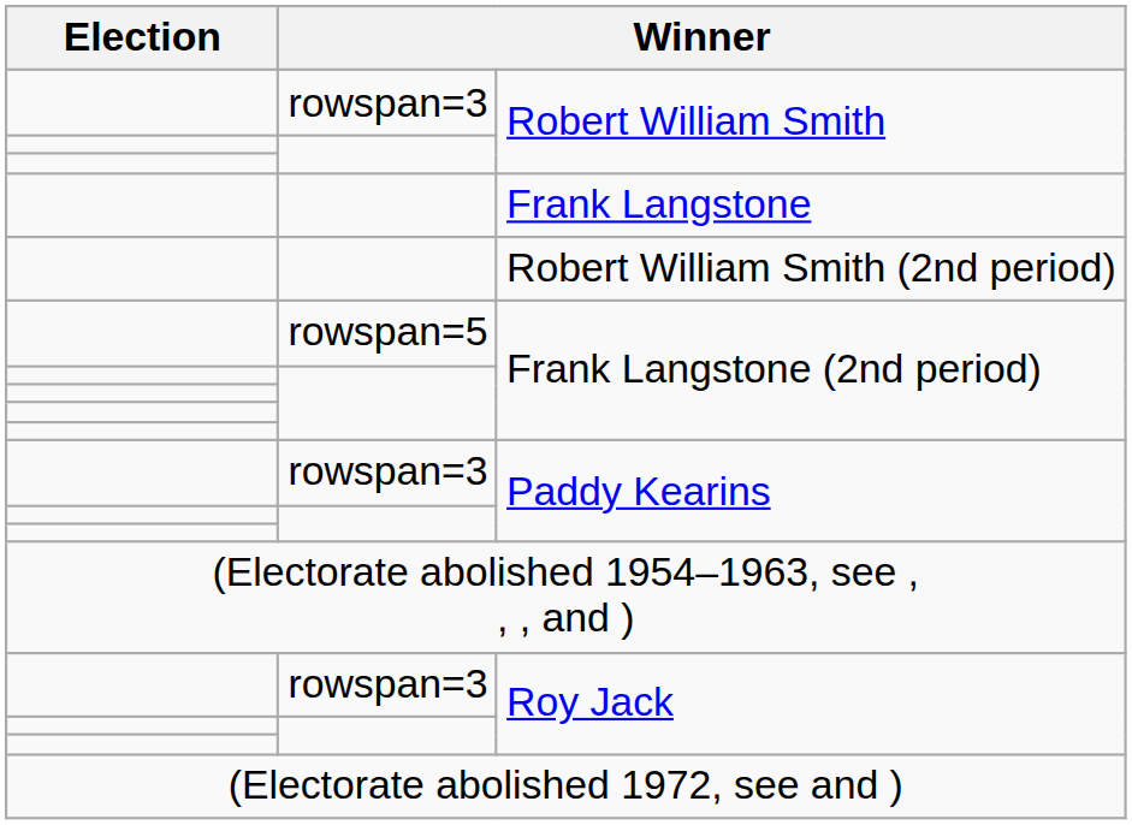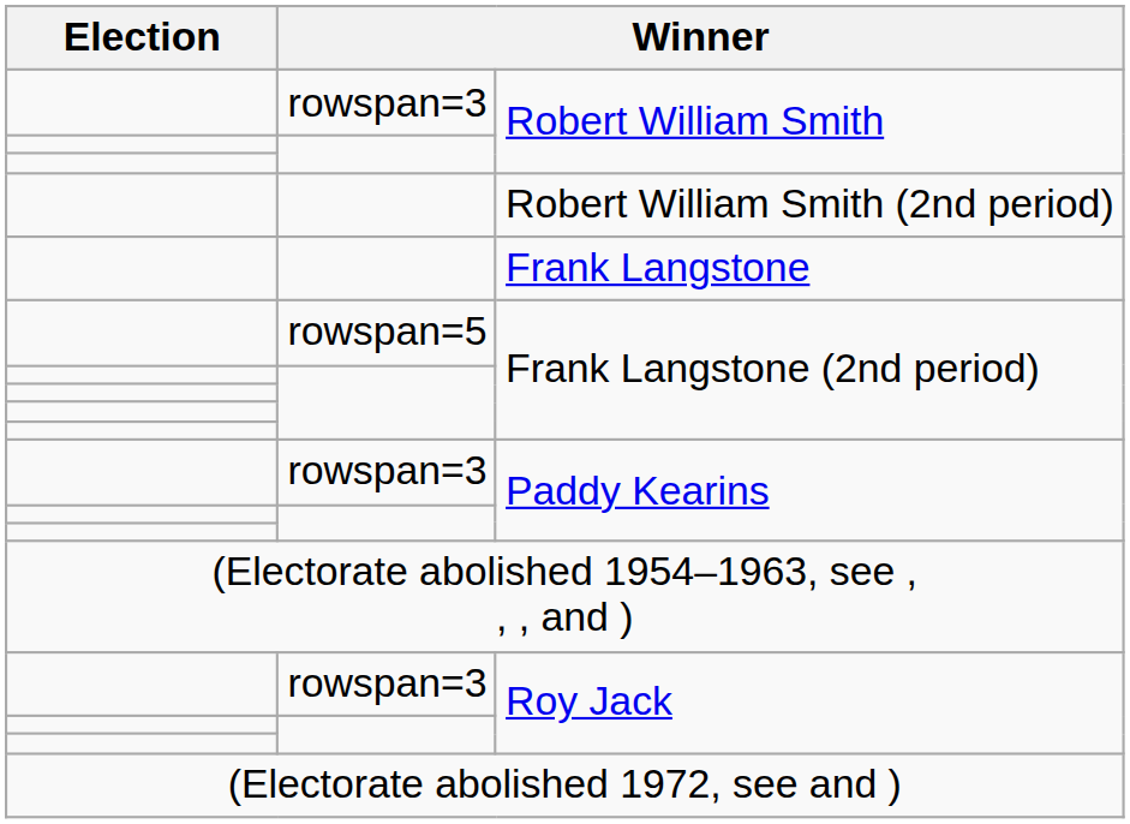 <table class=wikitable>
 <tr>
 <th width=100>Election</th>
 <th width=220 colspan=2>Winner</th>
 </tr>
 <tr>
 <td></td>
 <td>rowspan=3 </td>
 <td rowspan=3><a href='#'>Robert William Smith</a></td>
 </tr>
 <tr>
 <td></td>
 </tr>
 <tr>
 <td></td>
 </tr>
 <tr>
 <td></td>
 <td></td>
-<td><a href='#'>Frank Langstone</a></td>
+<td>Robert William Smith (2nd period)</td>
 </tr>
 <tr>
 <td></td>
 <td></td>
-<td>Robert William Smith (2nd period)</td>
+<td><a href='#'>Frank Langstone</a></td>
 </tr>
 <tr>
 <td></td>
 <td>rowspan=5 </td>
 <td rowspan=5>Frank Langstone (2nd period)</td>
 </tr>
 <tr>
 <td></td>
 </tr>
 <tr>
 <td></td>
 </tr>
 <tr>
 <td></td>
 </tr>
 <tr>
 <td></td>
 </tr>
 <tr>
 <td></td>
 <td>rowspan=3 </td>
 <td rowspan=3><a href='#'>Paddy Kearins</a></td>
 </tr>
 <tr>
 <td></td>
 </tr>
 <tr>
 <td></td>
 </tr>
 <tr>
 <td colspan=3 align=center><span>(Electorate abolished 1954–1963, see ,<br>, , and )</span></td>
 </tr>
 <tr>
 <td></td>
 <td>rowspan=3 </td>
 <td rowspan=3><a href='#'>Roy Jack</a></td>
 </tr>
 <tr>
 <td></td>
 </tr>
 <tr>
 <td></td>
 </tr>
 <tr>
 <td colspan=3 align=center><span>(Electorate abolished 1972, see  and )</span></td>
 </tr>
 </table>
